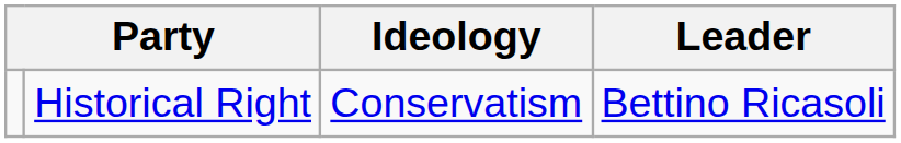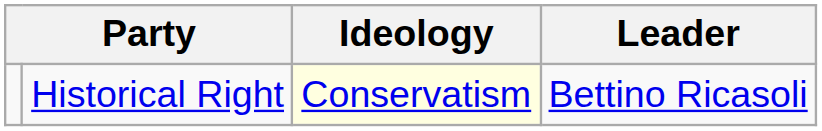 <table class=wikitable style="font-size:100%">
 <tr>
 <th colspan=2>Party</th>
 <th>Ideology</th>
 <th>Leader</th>
 </tr>
 <tr>
 <td style="color:inherit;background:"></td>
 <td><a href='#'>Historical Right</a></td>
-<td><a href='#'>Conservatism</a></td>
+<td style="background: lightyellow;"><a href='#'>Conservatism</a></td>
 <td><a href='#'>Bettino Ricasoli</a></td>
 </tr>
 </table>
